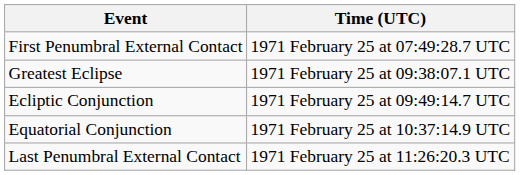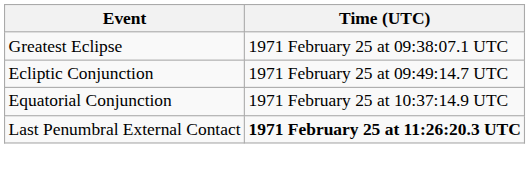 <table class="wikitable">
 <tr>
 <th>Event</th>
 <th>Time (UTC)</th>
-</tr>
-<tr>
-<td>First Penumbral External Contact</td>
-<td>1971 February 25 at 07:49:28.7 UTC</td>
 </tr>
 <tr>
 <td>Greatest Eclipse</td>
 <td>1971 February 25 at 09:38:07.1 UTC</td>
 </tr>
 <tr>
 <td>Ecliptic Conjunction</td>
 <td>1971 February 25 at 09:49:14.7 UTC</td>
 </tr>
 <tr>
 <td>Equatorial Conjunction</td>
 <td>1971 February 25 at 10:37:14.9 UTC</td>
 </tr>
 <tr>
 <td>Last Penumbral External Contact</td>
-<td>1971 February 25 at 11:26:20.3 UTC</td>
+<td><strong>1971 February 25 at 11:26:20.3 UTC</strong></td>
 </tr>
 </table>
